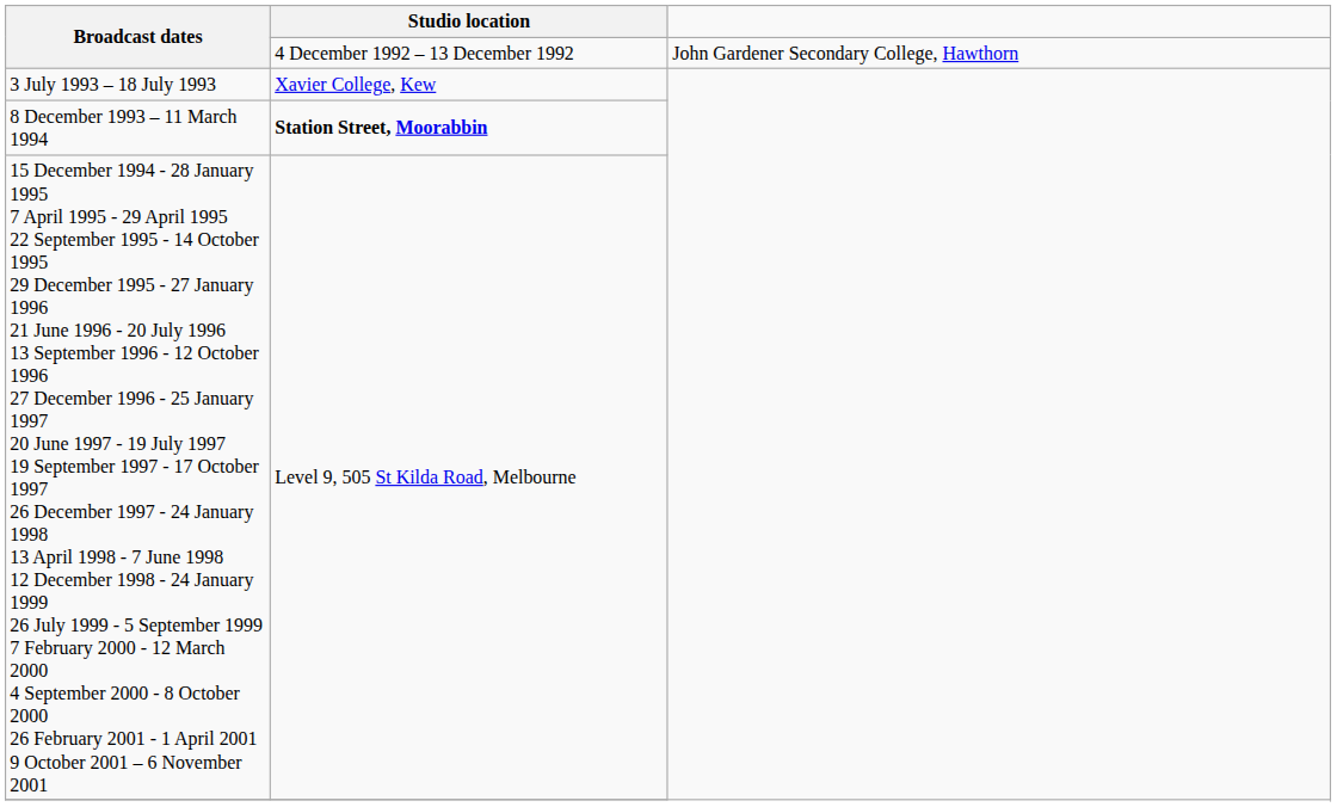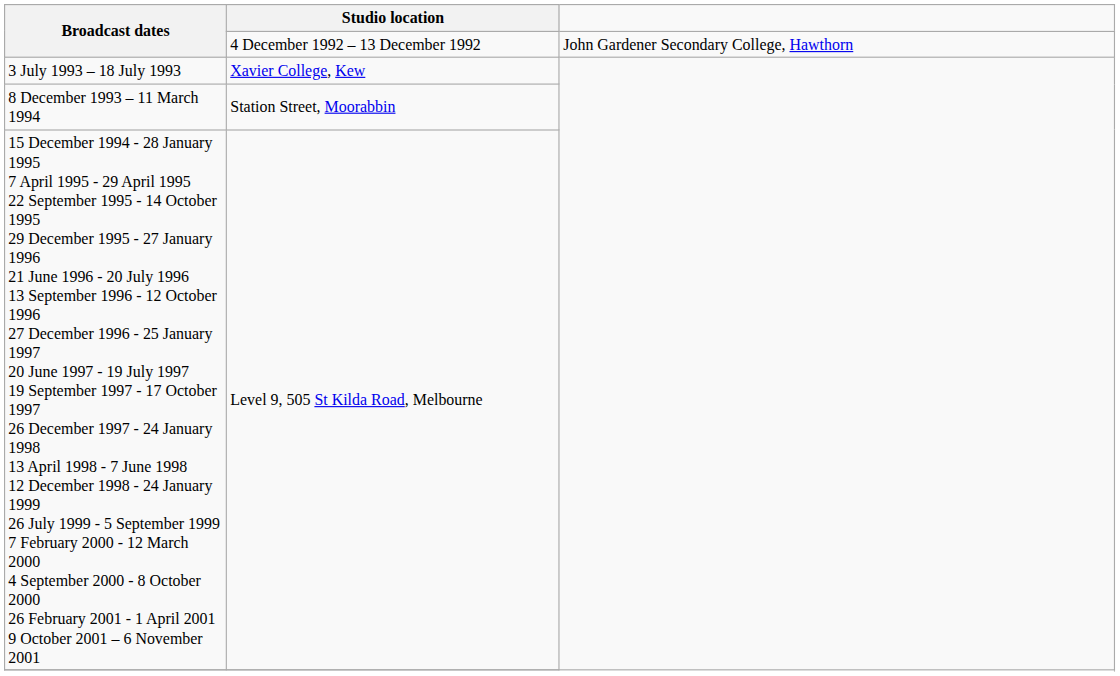 <table class="wikitable sortable" style="font-size:89%;width:50%">
 <tr bgcolor=lightgrey>
 <th width="20%" rowspan=2>Broadcast dates</th>
 <th width="30%">Studio location</th>
 </tr>
 <tr>
 <td>4 December 1992 – 13 December 1992</td>
 <td>John Gardener Secondary College, <a href='#'>Hawthorn</a></td>
 </tr>
 <tr>
 <td>3 July 1993 – 18 July 1993</td>
 <td><a href='#'>Xavier College</a>, <a href='#'>Kew</a></td>
 </tr>
 <tr>
 <td>8 December 1993 – 11 March 1994</td>
-<td><strong>Station Street, <a href='#'>Moorabbin</a></strong></td>
+<td>Station Street, <a href='#'>Moorabbin</a></td>
 </tr>
 <tr>
 <td>15 December 1994 - 28 January 1995<br>7 April 1995 - 29 April 1995<br>22 September 1995 - 14 October 1995<br>29 December 1995 - 27 January 1996<br>21 June 1996 - 20 July 1996<br>13 September 1996 - 12 October 1996<br>27 December 1996 - 25 January 1997<br>20 June 1997 - 19 July 1997<br>19 September 1997 - 17 October 1997<br>26 December 1997 - 24 January 1998<br>13 April 1998 - 7 June 1998<br>12 December 1998 - 24 January 1999<br>26 July 1999 - 5 September 1999<br>7 February 2000 - 12 March 2000<br>4 September 2000 - 8 October 2000<br>26 February 2001 - 1 April 2001<br>9 October 2001 – 6 November 2001</td>
 <td>Level 9, 505 <a href='#'>St Kilda Road</a>, Melbourne</td>
 </tr>
 <tr>
 </tr>
 </table>
